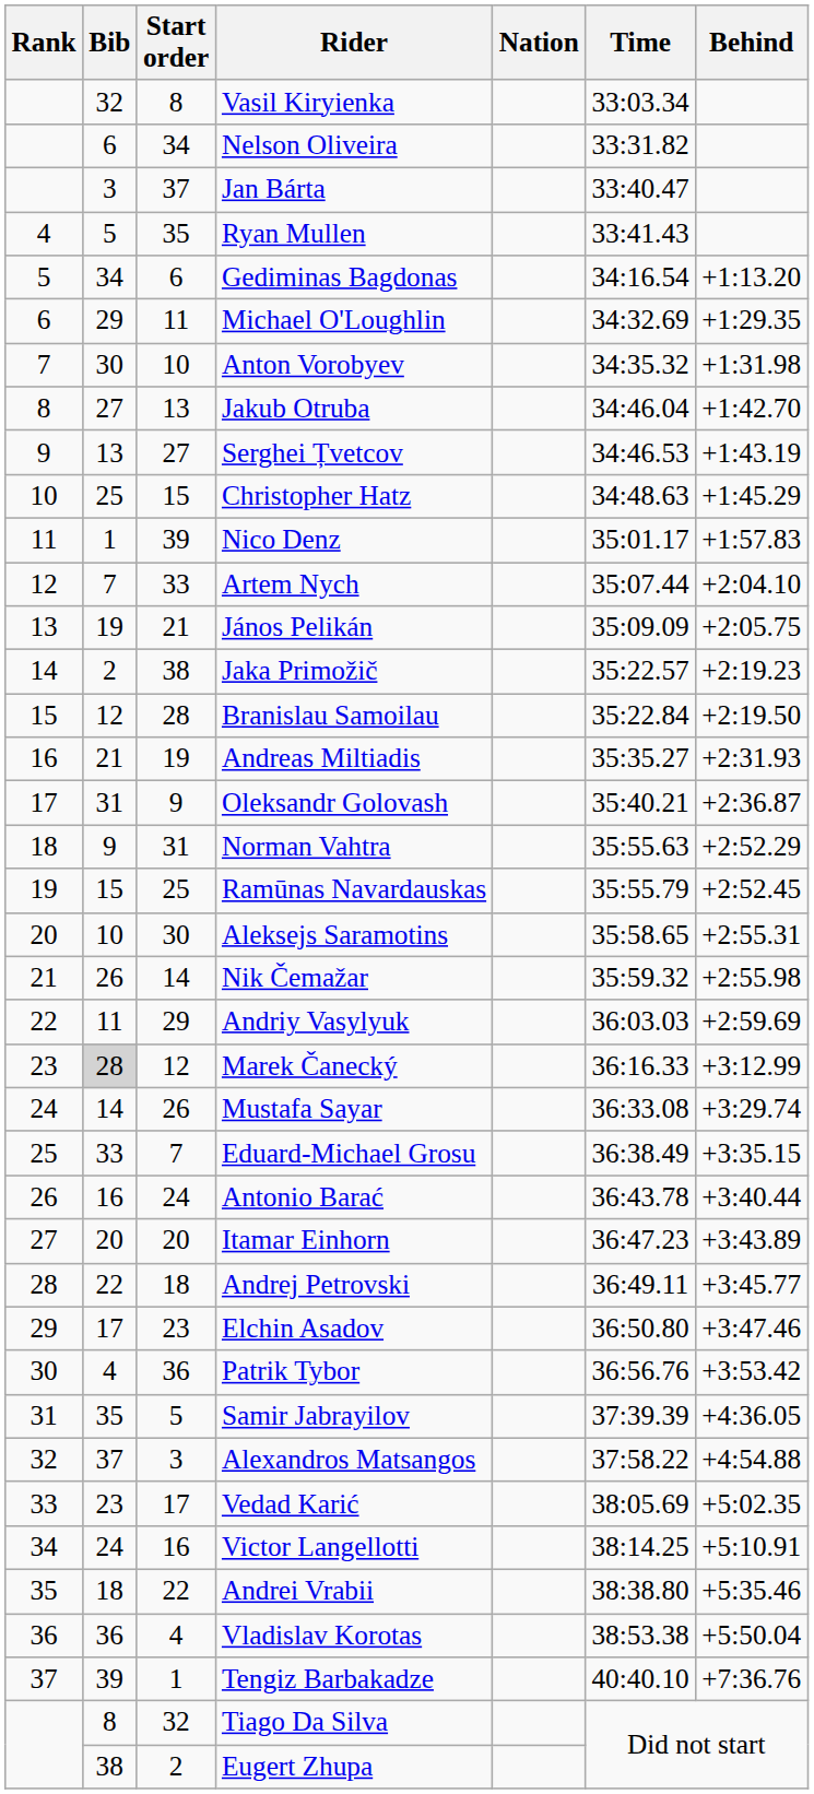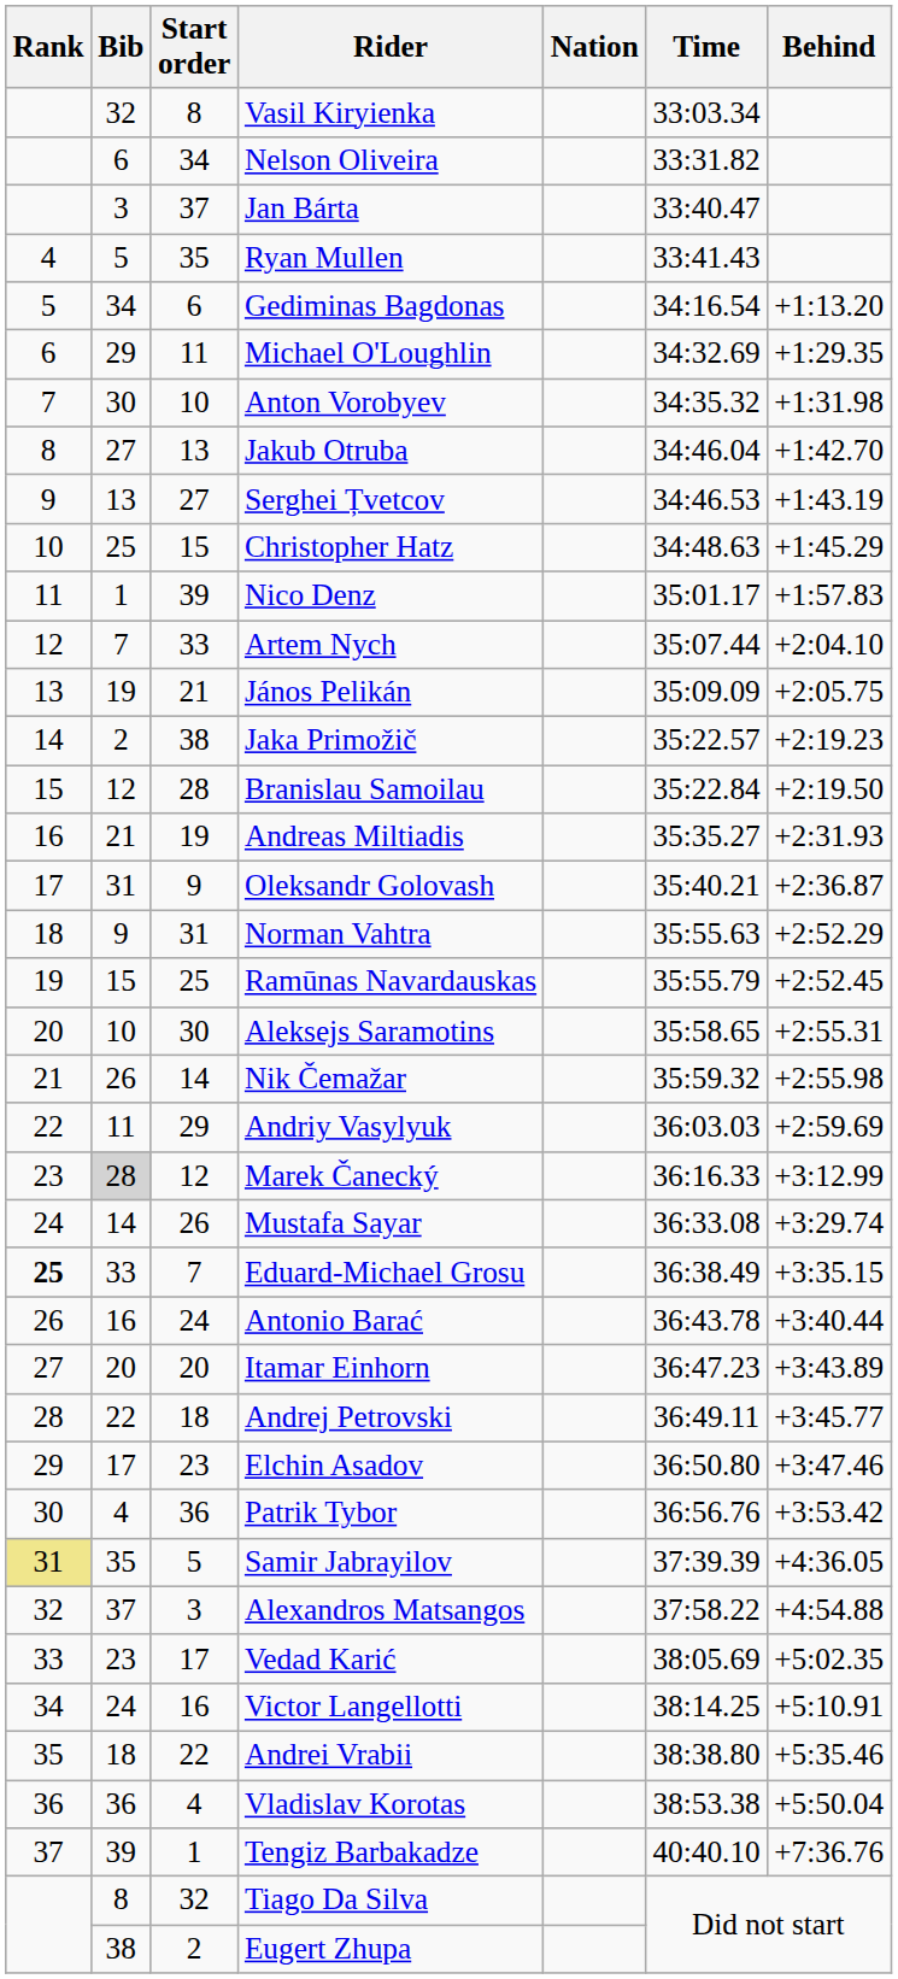 <table class="wikitable sortable" style="text-align:center">
 <tr>
 <th>Rank</th>
 <th>Bib</th>
 <th>Start<br>order</th>
 <th>Rider</th>
 <th>Nation</th>
 <th>Time</th>
 <th>Behind</th>
 </tr>
 <tr>
 <td></td>
 <td>32</td>
 <td>8</td>
 <td align=left><a href='#'>Vasil Kiryienka</a></td>
 <td align=left></td>
 <td>33:03.34</td>
 <td></td>
 </tr>
 <tr>
 <td></td>
 <td>6</td>
 <td>34</td>
 <td align=left><a href='#'>Nelson Oliveira</a></td>
 <td align=left></td>
 <td>33:31.82</td>
 <td></td>
 </tr>
 <tr>
 <td></td>
 <td>3</td>
 <td>37</td>
 <td align=left><a href='#'>Jan Bárta</a></td>
 <td align=left></td>
 <td>33:40.47</td>
 <td></td>
 </tr>
 <tr>
 <td>4</td>
 <td>5</td>
 <td>35</td>
 <td align=left><a href='#'>Ryan Mullen</a></td>
 <td align=left></td>
 <td>33:41.43</td>
 <td></td>
 </tr>
 <tr>
 <td>5</td>
 <td>34</td>
 <td>6</td>
 <td align=left><a href='#'>Gediminas Bagdonas</a></td>
 <td align=left></td>
 <td>34:16.54</td>
 <td>+1:13.20</td>
 </tr>
 <tr>
 <td>6</td>
 <td>29</td>
 <td>11</td>
 <td align=left><a href='#'>Michael O'Loughlin</a></td>
 <td align=left></td>
 <td>34:32.69</td>
 <td>+1:29.35</td>
 </tr>
 <tr>
 <td>7</td>
 <td>30</td>
 <td>10</td>
 <td align=left><a href='#'>Anton Vorobyev</a></td>
 <td align=left></td>
 <td>34:35.32</td>
 <td>+1:31.98</td>
 </tr>
 <tr>
 <td>8</td>
 <td>27</td>
 <td>13</td>
 <td align=left><a href='#'>Jakub Otruba</a></td>
 <td align=left></td>
 <td>34:46.04</td>
 <td>+1:42.70</td>
 </tr>
 <tr>
 <td>9</td>
 <td>13</td>
 <td>27</td>
 <td align=left><a href='#'>Serghei Țvetcov</a></td>
 <td align=left></td>
 <td>34:46.53</td>
 <td>+1:43.19</td>
 </tr>
 <tr>
 <td>10</td>
 <td>25</td>
 <td>15</td>
 <td align=left><a href='#'>Christopher Hatz</a></td>
 <td align=left></td>
 <td>34:48.63</td>
 <td>+1:45.29</td>
 </tr>
 <tr>
 <td>11</td>
 <td>1</td>
 <td>39</td>
 <td align=left><a href='#'>Nico Denz</a></td>
 <td align=left></td>
 <td>35:01.17</td>
 <td>+1:57.83</td>
 </tr>
 <tr>
 <td>12</td>
 <td>7</td>
 <td>33</td>
 <td align=left><a href='#'>Artem Nych</a></td>
 <td align=left></td>
 <td>35:07.44</td>
 <td>+2:04.10</td>
 </tr>
 <tr>
 <td>13</td>
 <td>19</td>
 <td>21</td>
 <td align=left><a href='#'>János Pelikán</a></td>
 <td align=left></td>
 <td>35:09.09</td>
 <td>+2:05.75</td>
 </tr>
 <tr>
 <td>14</td>
 <td>2</td>
 <td>38</td>
 <td align=left><a href='#'>Jaka Primožič</a></td>
 <td align=left></td>
 <td>35:22.57</td>
 <td>+2:19.23</td>
 </tr>
 <tr>
 <td>15</td>
 <td>12</td>
 <td>28</td>
 <td align=left><a href='#'>Branislau Samoilau</a></td>
 <td align=left></td>
 <td>35:22.84</td>
 <td>+2:19.50</td>
 </tr>
 <tr>
 <td>16</td>
 <td>21</td>
 <td>19</td>
 <td align=left><a href='#'>Andreas Miltiadis</a></td>
 <td align=left></td>
 <td>35:35.27</td>
 <td>+2:31.93</td>
 </tr>
 <tr>
 <td>17</td>
 <td>31</td>
 <td>9</td>
 <td align=left><a href='#'>Oleksandr Golovash</a></td>
 <td align=left></td>
 <td>35:40.21</td>
 <td>+2:36.87</td>
 </tr>
 <tr>
 <td>18</td>
 <td>9</td>
 <td>31</td>
 <td align=left><a href='#'>Norman Vahtra</a></td>
 <td align=left></td>
 <td>35:55.63</td>
 <td>+2:52.29</td>
 </tr>
 <tr>
 <td>19</td>
 <td>15</td>
 <td>25</td>
 <td align=left><a href='#'>Ramūnas Navardauskas</a></td>
 <td align=left></td>
 <td>35:55.79</td>
 <td>+2:52.45</td>
 </tr>
 <tr>
 <td>20</td>
 <td>10</td>
 <td>30</td>
 <td align=left><a href='#'>Aleksejs Saramotins</a></td>
 <td align=left></td>
 <td>35:58.65</td>
 <td>+2:55.31</td>
 </tr>
 <tr>
 <td>21</td>
 <td>26</td>
 <td>14</td>
 <td align=left><a href='#'>Nik Čemažar</a></td>
 <td align=left></td>
 <td>35:59.32</td>
 <td>+2:55.98</td>
 </tr>
 <tr>
 <td>22</td>
 <td>11</td>
 <td>29</td>
 <td align=left><a href='#'>Andriy Vasylyuk</a></td>
 <td align=left></td>
 <td>36:03.03</td>
 <td>+2:59.69</td>
 </tr>
 <tr>
 <td>23</td>
 <td style="background: lightgrey;">28</td>
 <td>12</td>
 <td align=left><a href='#'>Marek Čanecký</a></td>
 <td align=left></td>
 <td>36:16.33</td>
 <td>+3:12.99</td>
 </tr>
 <tr>
 <td>24</td>
 <td>14</td>
 <td>26</td>
 <td align=left><a href='#'>Mustafa Sayar</a></td>
 <td align=left></td>
 <td>36:33.08</td>
 <td>+3:29.74</td>
 </tr>
 <tr>
-<td>25</td>
+<td><strong>25</strong></td>
 <td>33</td>
 <td>7</td>
 <td align=left><a href='#'>Eduard-Michael Grosu</a></td>
 <td align=left></td>
 <td>36:38.49</td>
 <td>+3:35.15</td>
 </tr>
 <tr>
 <td>26</td>
 <td>16</td>
 <td>24</td>
 <td align=left><a href='#'>Antonio Barać</a></td>
 <td align=left></td>
 <td>36:43.78</td>
 <td>+3:40.44</td>
 </tr>
 <tr>
 <td>27</td>
 <td>20</td>
 <td>20</td>
 <td align=left><a href='#'>Itamar Einhorn</a></td>
 <td align=left></td>
 <td>36:47.23</td>
 <td>+3:43.89</td>
 </tr>
 <tr>
 <td>28</td>
 <td>22</td>
 <td>18</td>
 <td align=left><a href='#'>Andrej Petrovski</a></td>
 <td align=left></td>
 <td>36:49.11</td>
 <td>+3:45.77</td>
 </tr>
 <tr>
 <td>29</td>
 <td>17</td>
 <td>23</td>
 <td align=left><a href='#'>Elchin Asadov</a></td>
 <td align=left></td>
 <td>36:50.80</td>
 <td>+3:47.46</td>
 </tr>
 <tr>
 <td>30</td>
 <td>4</td>
 <td>36</td>
 <td align=left><a href='#'>Patrik Tybor</a></td>
 <td align=left></td>
 <td>36:56.76</td>
 <td>+3:53.42</td>
 </tr>
 <tr>
-<td>31</td>
+<td style="background: khaki;">31</td>
 <td>35</td>
 <td>5</td>
 <td align=left><a href='#'>Samir Jabrayilov</a></td>
 <td align=left></td>
 <td>37:39.39</td>
 <td>+4:36.05</td>
 </tr>
 <tr>
 <td>32</td>
 <td>37</td>
 <td>3</td>
 <td align=left><a href='#'>Alexandros Matsangos</a></td>
 <td align=left></td>
 <td>37:58.22</td>
 <td>+4:54.88</td>
 </tr>
 <tr>
 <td>33</td>
 <td>23</td>
 <td>17</td>
 <td align=left><a href='#'>Vedad Karić</a></td>
 <td align=left></td>
 <td>38:05.69</td>
 <td>+5:02.35</td>
 </tr>
 <tr>
 <td>34</td>
 <td>24</td>
 <td>16</td>
 <td align=left><a href='#'>Victor Langellotti</a></td>
 <td align=left></td>
 <td>38:14.25</td>
 <td>+5:10.91</td>
 </tr>
 <tr>
 <td>35</td>
 <td>18</td>
 <td>22</td>
 <td align=left><a href='#'>Andrei Vrabii</a></td>
 <td align=left></td>
 <td>38:38.80</td>
 <td>+5:35.46</td>
 </tr>
 <tr>
 <td>36</td>
 <td>36</td>
 <td>4</td>
 <td align=left><a href='#'>Vladislav Korotas</a></td>
 <td align=left></td>
 <td>38:53.38</td>
 <td>+5:50.04</td>
 </tr>
 <tr>
 <td>37</td>
 <td>39</td>
 <td>1</td>
 <td align=left><a href='#'>Tengiz Barbakadze</a></td>
 <td align=left></td>
 <td>40:40.10</td>
 <td>+7:36.76</td>
 </tr>
 <tr>
 <td rowspan=2></td>
 <td>8</td>
 <td>32</td>
 <td align=left><a href='#'>Tiago Da Silva</a></td>
 <td align=left></td>
 <td colspan=2 rowspan=2>Did not start</td>
 </tr>
 <tr>
 <td>38</td>
 <td>2</td>
 <td align=left><a href='#'>Eugert Zhupa</a></td>
 <td align=left></td>
 </tr>
 </table>
